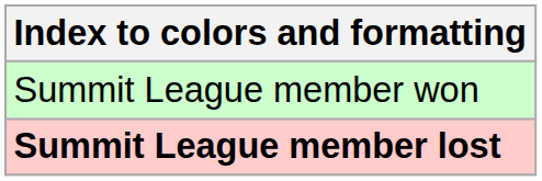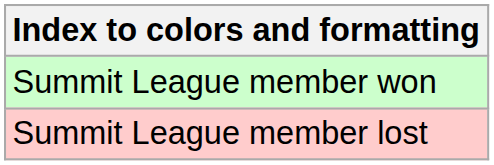 <table class="wikitable">
 <tr>
 <th>Index to colors and formatting</th>
 </tr>
 <tr style="background:#cfc;">
 <td>Summit League member won</td>
 </tr>
 <tr style="background:#fcc;">
-<td><strong>Summit League member lost</strong></td>
+<td>Summit League member lost</td>
 </tr>
 </table>
